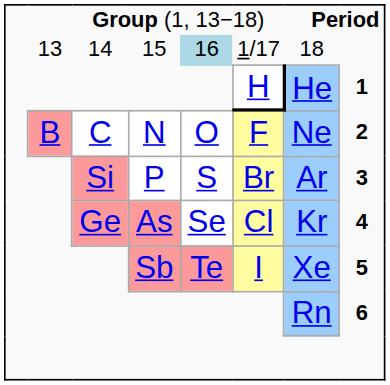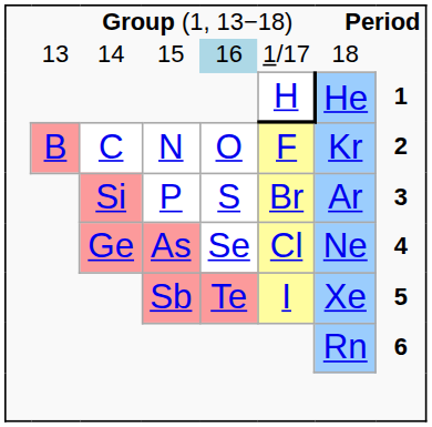 <table class="wikitable floatright" style="font-size:120%;text-align:center; line-height: 95%;border-color:black;">
 <tr style="font-size:70% ; line-height: 95%;">
 <td style="border:none"></td>
 <td colspan=1 style="border:none;"></td>
 <td colspan=4 style="border:none;"><strong>Group</strong> (1, 13−18)</td>
 <td colspan=2 style="border:none;text-align:right"><strong>Period</strong></td>
 </tr>
 <tr style="font-size:70% ; line-height: 95%; vertical-align:top;">
 <td style="border:none"></td>
 <td scope="col" style="border:none; width: 22px">13</td>
 <td scope="col" style="border:none; width: 22px">14</td>
 <td scope="col" style="border:none; width: 22px">15</td>
 <td scope="col" style="background: lightblue; border:none; width: 22px">16</td>
 <td scope="col" style="border:none; width: 22px"><u>1</u>/17</td>
 <td scope="col" style="border:none; width: 22px">18</td>
 <td scope="col" style="border:none; width: 22px"></td>
 </tr>
 <tr>
 <td style="border:none; line-height: 20px"> </td>
 <td colspan=4 style="border:none"></td>
 <td style="background-color:#FFFFFF;border-bottom:2px solid black;border-right:2px solid black;"><a href='#'>H</a></td>
 <td style="background-color:#9BCDFD;padding-bottom:3px;"><a href='#'>He</a></td>
 <td style="border:none; font-size:70%;"><strong>1</strong></td>
 </tr>
 <tr>
 <td style="border:none; line-height: 20px"> </td>
 <td style="background-color:#FC9A9B;"><a href='#'>B</a></td>
 <td style="background-color:#FFFFFF;"><a href='#'>C</a></td>
 <td style="background-color:#FFFFFF;"><a href='#'>N</a></td>
 <td style="background-color:#FFFFFF;"><a href='#'>O</a></td>
 <td style="background-color:#FFFD9F;"><a href='#'>F</a></td>
-<td style="background-color:#9BCDFD;"><a href='#'>Ne</a></td>
+<td style="background-color:#9BCDFD;"><a href='#'>Kr</a></td>
 <td style="border:none; font-size:70%"><strong>2</strong></td>
 </tr>
 <tr>
 <td style="border:none; line-height: 20px"> </td>
 <td style="border:none;"></td>
 <td style="background-color:#FC9A9B;"><a href='#'>Si</a></td>
 <td style="background-color:#FFFFFF;"><a href='#'>P</a></td>
 <td style="background-color:#FFFFFF;"><a href='#'>S</a></td>
 <td style="background-color:#FFFD9F;"><a href='#'>Br</a></td>
 <td style="background-color:#9BCDFD;"><a href='#'>Ar</a></td>
 <td style="border:none; font-size:70%"><strong>3</strong></td>
 </tr>
 <tr>
 <td style="border:none; line-height: 20px"> </td>
 <td style="border:none;"></td>
 <td style="background-color:#FC9A9B;"><a href='#'>Ge</a></td>
 <td style="background-color:#FC9A9B;"><a href='#'>As</a></td>
 <td style="background-color:#FFFFFF;"><a href='#'>Se</a></td>
 <td style="background-color:#FFFD9F;"><a href='#'>Cl</a></td>
-<td style="background-color:#9BCDFD;"><a href='#'>Kr</a></td>
+<td style="background-color:#9BCDFD;"><a href='#'>Ne</a></td>
 <td style="border:none; font-size:70%"><strong>4</strong></td>
 </tr>
 <tr>
 <td style="border:none; line-height: 20px"> </td>
 <td colspan=2 style="border:none;"></td>
 <td style="background-color:#FC9A9B;"><a href='#'>Sb</a></td>
 <td style="background-color:#FC9A9B;"><a href='#'>Te</a></td>
 <td style="background-color:#FFFD9F;"><a href='#'>I</a></td>
 <td style="background-color:#9BCDFD;"><a href='#'>Xe</a></td>
 <td style="border:none; font-size:70%"><strong>5</strong></td>
 </tr>
 <tr>
 <td style="border:none; line-height: 20px"> </td>
 <td colspan=5 style="border:none;"></td>
 <td style="background-color:#9BCDFD;"><a href='#'>Rn</a></td>
 <td style="border:none; font-size:70%"><strong>6</strong></td>
 </tr>
 <tr>
 </tr>
 <tr>
 <td colspan=8 style="border:none;"><br></td>
 </tr>
 </table>
